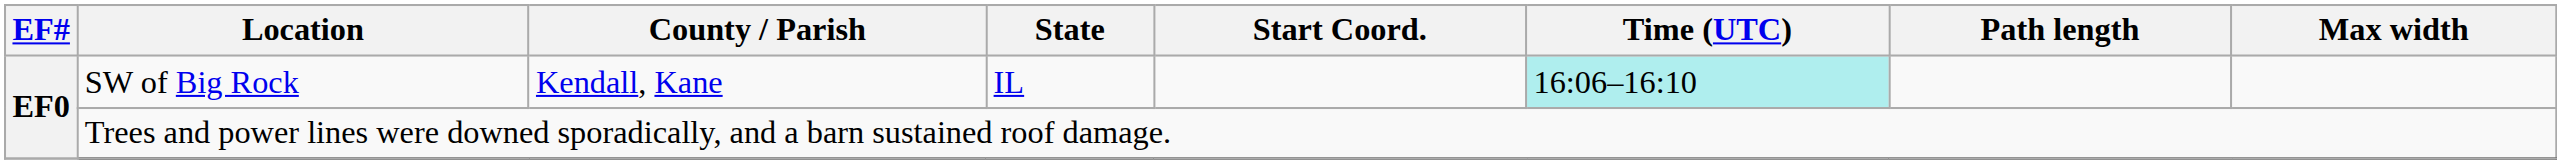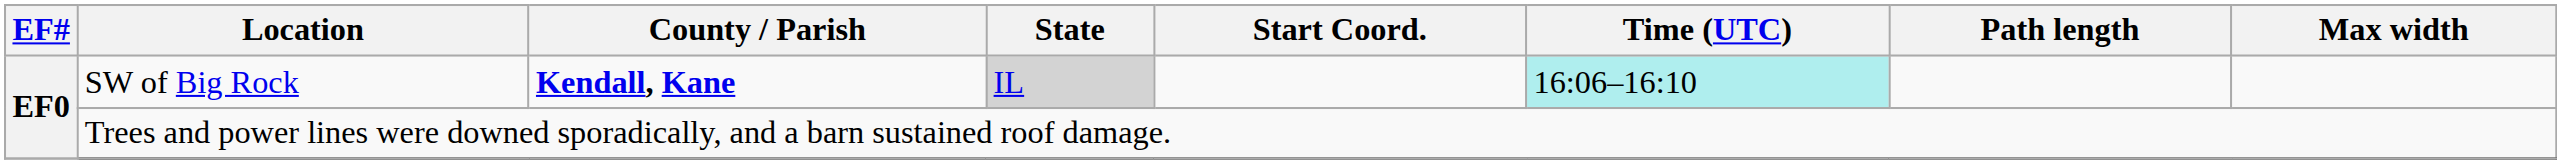 <table class="wikitable sortable" style="width:100%;">
 <tr>
 <th scope="col" width="2%" align="center"><a href='#'>EF#</a></th>
 <th scope="col" align="center" class="unsortable">Location</th>
 <th scope="col" align="center" class="unsortable">County / Parish</th>
 <th scope="col" align="center">State</th>
 <th scope="col" align="center">Start Coord.</th>
 <th scope="col" align="center">Time (<a href='#'>UTC</a>)</th>
 <th scope="col" align="center">Path length</th>
 <th scope="col" align="center">Max width</th>
 </tr>
 <tr>
 <th scope="row" rowspan="2" style="background-color:#">EF0</th>
 <td>SW of <a href='#'>Big Rock</a></td>
-<td><a href='#'>Kendall</a>, <a href='#'>Kane</a></td>
-<td><a href='#'>IL</a></td>
+<td><strong><a href='#'>Kendall</a>, <a href='#'>Kane</a></strong></td>
+<td style="background: lightgrey;"><a href='#'>IL</a></td>
 <td></td>
 <td style="background: paleturquoise;">16:06–16:10</td>
 <td></td>
 <td></td>
 </tr>
 <tr class="expand-child">
 <td colspan="8" style=" border-bottom: 1px solid black;">Trees and power lines were downed sporadically, and a barn sustained roof damage.</td>
 </tr>
 <tr>
 </tr>
 </table>
